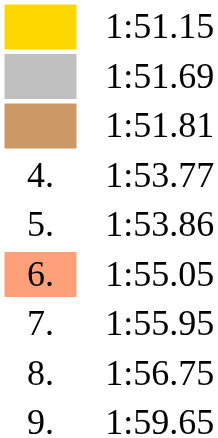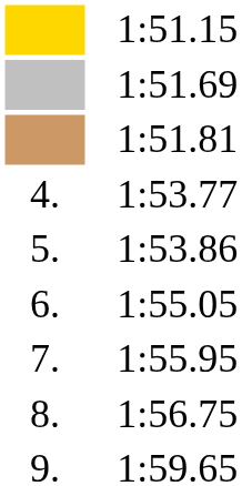 <table style="text-align:center">
 <tr>
 <td width=30 bgcolor=gold></td>
 <td align=left></td>
 <td width=60>1:51.15</td>
 </tr>
 <tr>
 <td bgcolor=silver></td>
 <td align=left></td>
 <td>1:51.69</td>
 </tr>
 <tr>
 <td bgcolor=cc9966></td>
 <td align=left></td>
 <td>1:51.81</td>
 </tr>
 <tr>
 <td>4.</td>
 <td align=left></td>
 <td>1:53.77</td>
 </tr>
 <tr>
 <td>5.</td>
 <td align=left></td>
 <td>1:53.86</td>
 </tr>
 <tr>
-<td style="background: lightsalmon;">6.</td>
+<td>6.</td>
 <td align=left></td>
 <td>1:55.05</td>
 </tr>
 <tr>
 <td>7.</td>
 <td align=left></td>
 <td>1:55.95</td>
 </tr>
 <tr>
 <td>8.</td>
 <td align=left></td>
 <td>1:56.75</td>
 </tr>
 <tr>
 <td>9.</td>
 <td align=left></td>
 <td>1:59.65</td>
 </tr>
 </table>
